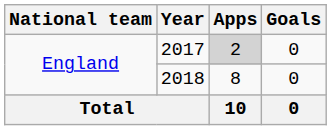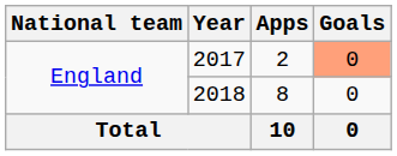 <table class="wikitable" style="text-align:center">
 <tr>
 <th>National team</th>
 <th>Year</th>
 <th>Apps</th>
 <th>Goals</th>
 </tr>
 <tr>
 <td rowspan="2"><a href='#'>England</a></td>
 <td>2017</td>
-<td style="background: lightgrey;">2</td>
-<td>0</td>
+<td>2</td>
+<td style="background: lightsalmon;">0</td>
 </tr>
 <tr>
 <td>2018</td>
 <td>8</td>
 <td>0</td>
 </tr>
 <tr>
 <th colspan="2">Total</th>
 <th>10</th>
 <th>0</th>
 </tr>
 </table>
